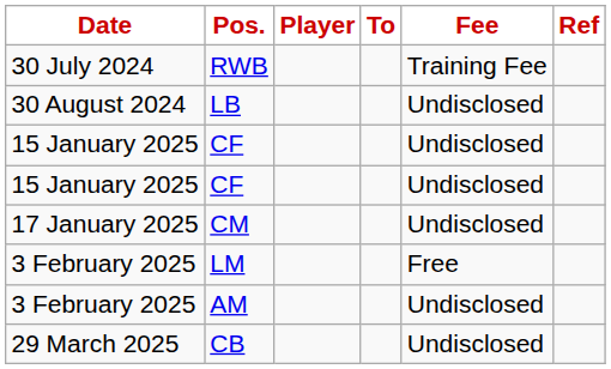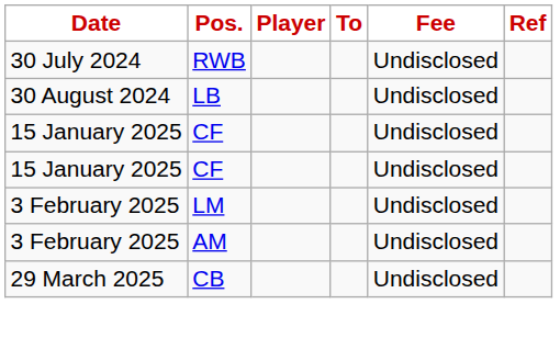 <table class="wikitable plainrowheaders sortable">
 <tr>
 <th style="background:#ffffff;color:#cc0000;">Date</th>
 <th style="background:#ffffff;color:#cc0000;">Pos.</th>
 <th style="background:#ffffff;color:#cc0000;">Player</th>
 <th style="background:#ffffff;color:#cc0000;">To</th>
 <th style="background:#ffffff;color:#cc0000;">Fee</th>
 <th style="background:#ffffff;color:#cc0000;">Ref</th>
 </tr>
 <tr>
 <td>30 July 2024</td>
 <td><a href='#'>RWB</a></td>
 <td></td>
 <td></td>
-<td>Training Fee</td>
+<td>Undisclosed</td>
 <td></td>
 </tr>
 <tr>
 <td>30 August 2024</td>
 <td><a href='#'>LB</a></td>
 <td></td>
 <td></td>
 <td>Undisclosed</td>
 <td></td>
 </tr>
 <tr>
 <td>15 January 2025</td>
 <td><a href='#'>CF</a></td>
 <td></td>
 <td></td>
 <td>Undisclosed</td>
 <td></td>
 </tr>
 <tr>
 <td>15 January 2025</td>
 <td><a href='#'>CF</a></td>
 <td></td>
 <td></td>
 <td>Undisclosed</td>
 <td></td>
 </tr>
 <tr>
-<td>17 January 2025</td>
-<td><a href='#'>CM</a></td>
-<td></td>
-<td></td>
-<td>Undisclosed</td>
-<td></td>
-</tr>
-<tr>
 <td>3 February 2025</td>
 <td><a href='#'>LM</a></td>
 <td></td>
 <td></td>
-<td>Free</td>
+<td>Undisclosed</td>
 <td></td>
 </tr>
 <tr>
 <td>3 February 2025</td>
 <td><a href='#'>AM</a></td>
 <td></td>
 <td></td>
 <td>Undisclosed</td>
 <td></td>
 </tr>
 <tr>
 <td>29 March 2025</td>
 <td><a href='#'>CB</a></td>
 <td></td>
 <td></td>
 <td>Undisclosed</td>
 <td></td>
 </tr>
 </table>
